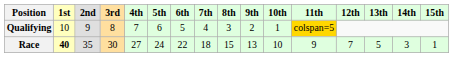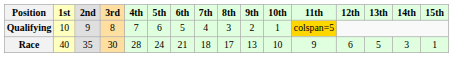 <table class="wikitable" style="font-size:85%; text-align:center">
 <tr>
 <th>Position</th>
 <td style="background:#ffffbf;"> <strong>1st</strong> </td>
 <td style="background:#dfdfdf;"> <strong>2nd</strong> </td>
 <td style="background:#ffdf9f;"> <strong>3rd</strong> </td>
 <td style="background:#dfffdf;"> <strong>4th</strong> </td>
 <td style="background:#dfffdf;"> <strong>5th</strong> </td>
 <td style="background:#dfffdf;"> <strong>6th</strong> </td>
 <td style="background:#dfffdf;"> <strong>7th</strong> </td>
 <td style="background:#dfffdf;"> <strong>8th</strong> </td>
 <td style="background:#dfffdf;"> <strong>9th</strong> </td>
 <td style="background:#dfffdf;"> <strong>10th</strong> </td>
 <td style="background:#dfffdf;"> <strong>11th</strong> </td>
 <td style="background:#dfffdf;"> <strong>12th</strong> </td>
 <td style="background:#dfffdf;"> <strong>13th</strong> </td>
 <td style="background:#dfffdf;"> <strong>14th</strong> </td>
 <td style="background:#dfffdf;"> <strong>15th</strong> </td>
 </tr>
 <tr>
 <th>Qualifying</th>
 <td style="background:#ffffbf;">10</td>
 <td style="background:#dfdfdf;">9</td>
 <td style="background:#ffdf9f;">8</td>
 <td style="background:#dfffdf;">7</td>
 <td style="background:#dfffdf;">6</td>
 <td style="background:#dfffdf;">5</td>
 <td style="background:#dfffdf;">4</td>
 <td style="background:#dfffdf;">3</td>
 <td style="background:#dfffdf;">2</td>
 <td style="background:#dfffdf;">1</td>
 <td style="background: gold;">colspan=5 </td>
 </tr>
 <tr>
 <th>Race</th>
-<td style="background:#FFFFBF;"><strong>40</strong></td>
+<td style="background:#FFFFBF;">40</td>
 <td style="background:#DFDFDF;">35</td>
 <td style="background:#FFDF9F;">30</td>
-<td style="background:#DFFFDF;">27</td>
+<td style="background:#DFFFDF;">28</td>
 <td style="background:#DFFFDF;">24</td>
-<td style="background:#DFFFDF;">22</td>
+<td style="background:#DFFFDF;">21</td>
 <td style="background:#DFFFDF;">18</td>
-<td style="background:#DFFFDF;">15</td>
+<td style="background:#DFFFDF;">17</td>
 <td style="background:#DFFFDF;">13</td>
 <td style="background:#DFFFDF;">10</td>
 <td style="background:#DFFFDF;">9</td>
-<td style="background:#DFFFDF;">7</td>
+<td style="background:#DFFFDF;">6</td>
 <td style="background:#DFFFDF;">5</td>
 <td style="background:#DFFFDF;">3</td>
 <td style="background:#DFFFDF;">1</td>
 </tr>
 </table>
